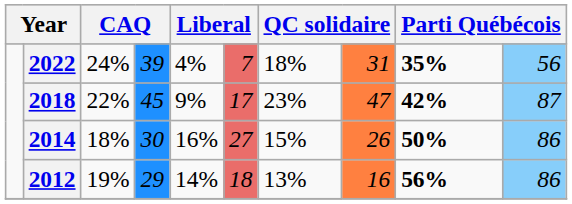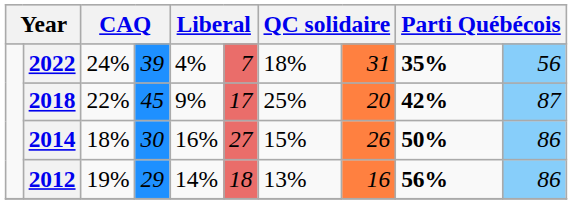 <table class="wikitable" style="width:400; font-size:90%; margin-left:1em;">
 <tr>
 <th colspan="2" scope="col">Year</th>
 <th colspan="2" scope="col"><a href='#'>CAQ</a></th>
 <th colspan="2" scope="col"><a href='#'>Liberal</a></th>
 <th colspan="2" scope="col"><a href='#'>QC solidaire</a></th>
 <th colspan="2" scope="col"><a href='#'>Parti Québécois</a></th>
 </tr>
 <tr>
 <td rowspan="4" style="width: 0.25em; background-color: "></td>
 <th><a href='#'>2022</a></th>
 <td>24%</td>
 <td style="text-align:right; background:#1E90FF;"><em>39</em></td>
 <td>4%</td>
 <td style="text-align:right; background:#EA6D6A;"><em>7</em></td>
 <td>18%</td>
 <td style="text-align:right; background:#FF8040;"><em>31</em></td>
 <td><strong>35%</strong></td>
 <td style="text-align:right; background:#87CEFA;"><em>56</em></td>
 </tr>
 <tr>
 <th><a href='#'>2018</a></th>
 <td>22%</td>
 <td style="text-align:right; background:#1E90FF;"><em>45</em></td>
 <td>9%</td>
 <td style="text-align:right; background:#EA6D6A;"><em>17</em></td>
-<td>23%</td>
-<td style="text-align:right; background:#FF8040;"><em>47</em></td>
+<td>25%</td>
+<td style="text-align:right; background:#FF8040;"><em>20</em></td>
 <td><strong>42%</strong></td>
 <td style="text-align:right; background:#87CEFA;"><em>87</em></td>
 </tr>
 <tr>
 <th><a href='#'>2014</a></th>
 <td>18%</td>
 <td style="text-align:right; background:#1E90FF;"><em>30</em></td>
 <td>16%</td>
 <td style="text-align:right; background:#EA6D6A;"><em>27</em></td>
 <td>15%</td>
 <td style="text-align:right; background:#FF8040;"><em>26</em></td>
 <td><strong>50%</strong></td>
 <td style="text-align:right; background:#87CEFA;"><em>86</em></td>
 </tr>
 <tr>
 <th><a href='#'>2012</a></th>
 <td>19%</td>
 <td style="text-align:right; background:#1E90FF;"><em>29</em></td>
 <td>14%</td>
 <td style="text-align:right; background:#EA6D6A;"><em>18</em></td>
 <td>13%</td>
 <td style="text-align:right; background:#FF8040;"><em>16</em></td>
 <td><strong>56%</strong></td>
 <td style="text-align:right; background:#87CEFA;"><em>86</em></td>
 </tr>
 <tr>
 </tr>
 </table>
